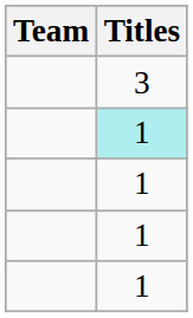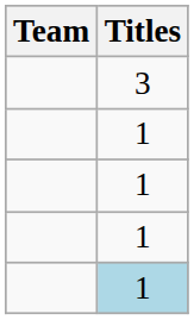 <table class="wikitable sortable" style="text-align:center">
 <tr>
 <th>Team</th>
 <th>Titles</th>
 </tr>
 <tr>
 <td style=><strong></strong></td>
 <td>3</td>
-</tr>
-<tr>
-<td style=><strong></strong></td>
-<td style="background: paleturquoise;">1</td>
 </tr>
 <tr>
 <td style=><strong></strong></td>
 <td>1</td>
 </tr>
 <tr>
 <td style=><strong></strong></td>
 <td>1</td>
 </tr>
 <tr>
 <td style=><strong></strong></td>
 <td>1</td>
 </tr>
+<tr>
+<td style=><strong></strong></td>
+<td style="background: lightblue;">1</td>
+</tr>
 </table>
